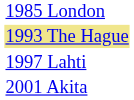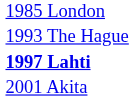 <table>
 <tr>
 <td><a href='#'>1985 London</a></td>
 <td></td>
 <td></td>
 <td></td>
 </tr>
 <tr>
-<td style="background: khaki;"><a href='#'>1993 The Hague</a></td>
+<td><a href='#'>1993 The Hague</a></td>
 <td></td>
 <td></td>
 <td></td>
 </tr>
 <tr>
-<td><a href='#'>1997 Lahti</a></td>
+<td><strong><a href='#'>1997 Lahti</a></strong></td>
 <td></td>
 <td></td>
 <td></td>
 </tr>
 <tr>
 <td><a href='#'>2001 Akita</a></td>
 <td></td>
 <td></td>
 <td></td>
 </tr>
 </table>
